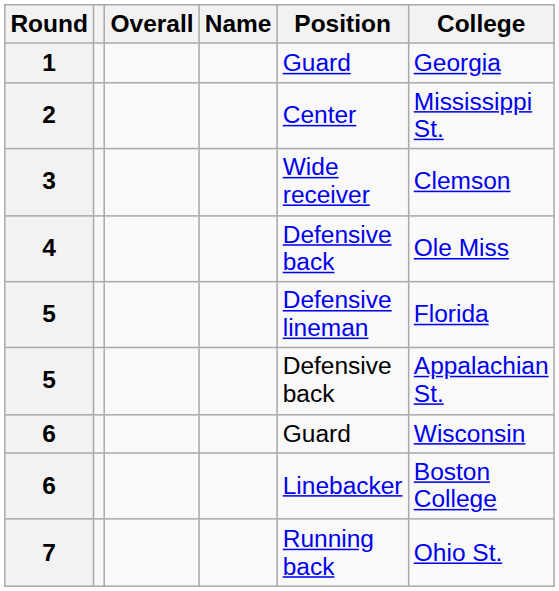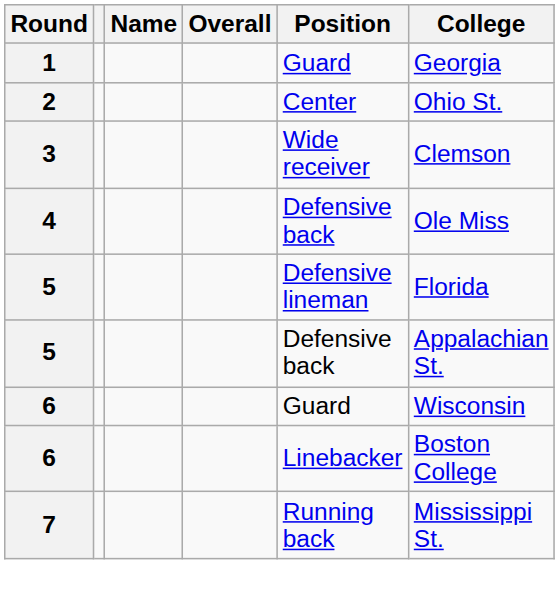 <table class="wikitable sortable" style="width: 50%;">
 <tr>
 <th scope="col" style="width: 10%;">Round</th>
 <th scope="col" style="width: 10%;"></th>
+<th scope="col" style="width: 25%;">Name</th>
 <th scope="col" style="width: 10%;">Overall</th>
-<th scope="col" style="width: 25%;">Name</th>
 <th scope="col" style="width: 20%;">Position</th>
 <th scope="col" style="width: 25%;">College</th>
 </tr>
 <tr>
 <th scope="row">1</th>
 <td></td>
 <td></td>
 <td></td>
 <td><a href='#'>Guard</a></td>
 <td><a href='#'>Georgia</a></td>
 </tr>
 <tr>
 <th scope="row">2</th>
 <td></td>
 <td></td>
 <td></td>
 <td><a href='#'>Center</a></td>
-<td><a href='#'>Mississippi St.</a></td>
+<td><a href='#'>Ohio St.</a></td>
 </tr>
 <tr>
 <th scope="row">3</th>
 <td></td>
 <td></td>
 <td></td>
 <td><a href='#'>Wide receiver</a></td>
 <td><a href='#'>Clemson</a></td>
 </tr>
 <tr>
 <th scope="row">4</th>
 <td></td>
 <td></td>
 <td></td>
 <td><a href='#'>Defensive back</a></td>
 <td><a href='#'>Ole Miss</a></td>
 </tr>
 <tr>
 <th scope="row">5</th>
 <td></td>
 <td></td>
 <td></td>
 <td><a href='#'>Defensive lineman</a></td>
 <td><a href='#'>Florida</a></td>
 </tr>
 <tr>
 <th scope="row">5</th>
 <td></td>
 <td></td>
 <td></td>
 <td>Defensive back</td>
 <td><a href='#'>Appalachian St.</a></td>
 </tr>
 <tr>
 <th scope="row">6</th>
 <td></td>
 <td></td>
 <td></td>
 <td>Guard</td>
 <td><a href='#'>Wisconsin</a></td>
 </tr>
 <tr>
 <th scope="row">6</th>
 <td></td>
 <td></td>
 <td></td>
 <td><a href='#'>Linebacker</a></td>
 <td><a href='#'>Boston College</a></td>
 </tr>
 <tr>
 <th scope="row">7</th>
 <td></td>
 <td></td>
 <td></td>
 <td><a href='#'>Running back</a></td>
-<td><a href='#'>Ohio St.</a></td>
+<td><a href='#'>Mississippi St.</a></td>
 </tr>
 </table>
